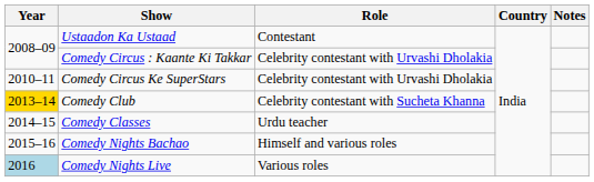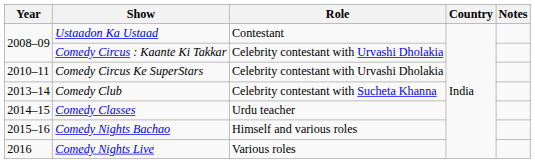 <table class="wikitable">
 <tr>
 <th>Year</th>
 <th>Show</th>
 <th>Role</th>
 <th>Country</th>
 <th>Notes</th>
 </tr>
 <tr>
 <td rowspan="2">2008–09</td>
 <td><em><a href='#'>Ustaadon Ka Ustaad</a></em></td>
 <td>Contestant</td>
 <td rowspan="7">India</td>
 <td></td>
 </tr>
 <tr Winner>
 <td><em><a href='#'>Comedy Circus</a> : Kaante Ki Takkar</em></td>
 <td>Celebrity contestant with <a href='#'>Urvashi Dholakia</a></td>
 <td></td>
 </tr>
 <tr>
 <td>2010–11</td>
 <td><em>Comedy Circus Ke SuperStars</em></td>
 <td>Celebrity contestant with Urvashi Dholakia</td>
 <td></td>
 </tr>
 <tr>
-<td style="background: gold;">2013–14</td>
+<td>2013–14</td>
 <td><em>Comedy Club</em></td>
 <td>Celebrity contestant with <a href='#'>Sucheta Khanna</a></td>
 <td></td>
 </tr>
 <tr>
 <td>2014–15</td>
 <td><em><a href='#'>Comedy Classes</a></em></td>
 <td>Urdu teacher</td>
 <td></td>
 </tr>
 <tr>
 <td>2015–16</td>
 <td><em><a href='#'>Comedy Nights Bachao</a></em></td>
 <td>Himself and various roles</td>
 <td></td>
 </tr>
 <tr>
-<td style="background: lightblue;">2016</td>
+<td>2016</td>
 <td><em><a href='#'>Comedy Nights Live</a></em></td>
 <td>Various roles</td>
 <td></td>
 </tr>
 </table>
